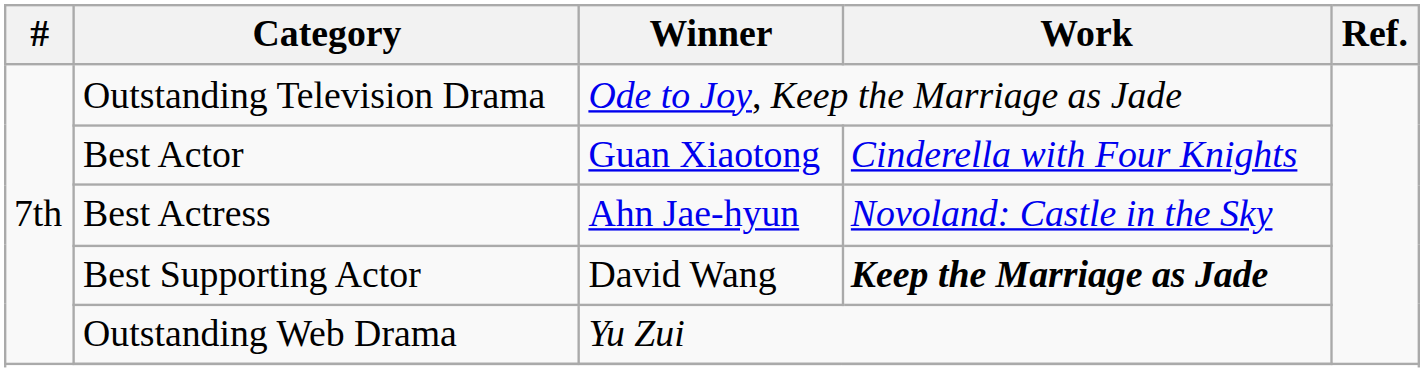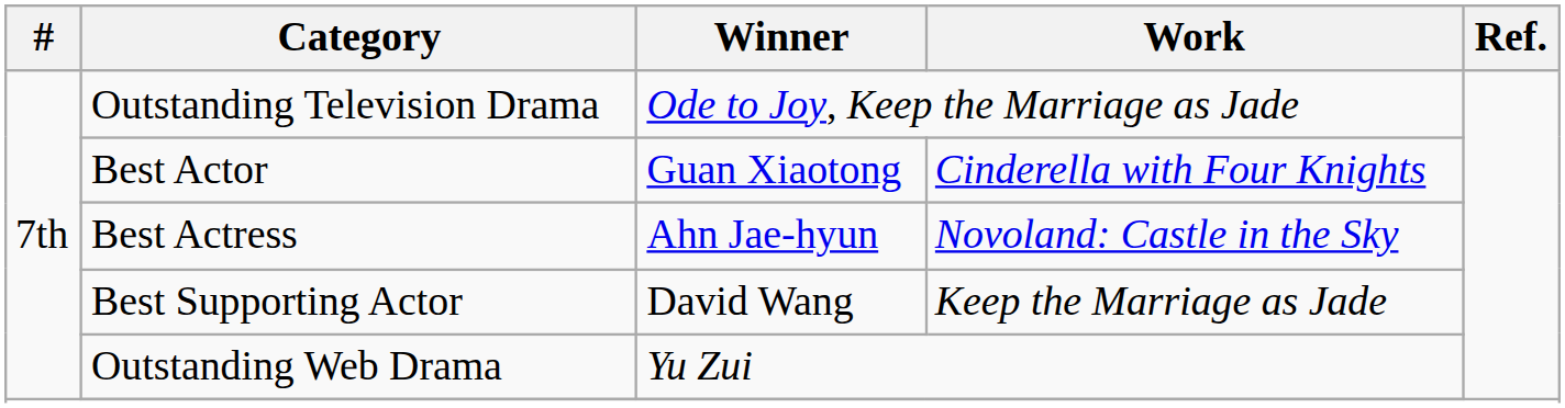 <table class="wikitable" style="width:600px">
 <tr>
 <th>#</th>
 <th>Category</th>
 <th>Winner</th>
 <th>Work</th>
 <th>Ref.</th>
 </tr>
 <tr>
 <td rowspan=6>7th</td>
 <td>Outstanding Television Drama</td>
 <td colspan=2><em><a href='#'>Ode to Joy</a></em>, <em>Keep the Marriage as Jade</em></td>
 <td rowspan=7></td>
 </tr>
 <tr>
 <td>Best Actor</td>
 <td><a href='#'>Guan Xiaotong</a></td>
 <td><em><a href='#'>Cinderella with Four Knights</a></em></td>
 </tr>
 <tr>
 <td>Best Actress</td>
 <td><a href='#'>Ahn Jae-hyun</a></td>
 <td><em><a href='#'>Novoland: Castle in the Sky</a></em></td>
 </tr>
 <tr>
 <td>Best Supporting Actor</td>
 <td>David Wang</td>
-<td><strong><em>Keep the Marriage as Jade</em></strong></td>
+<td><em>Keep the Marriage as Jade</em></td>
 </tr>
 <tr>
 <td>Outstanding Web Drama</td>
 <td colspan=2><em>Yu Zui</em></td>
 </tr>
 <tr>
 </tr>
 </table>
